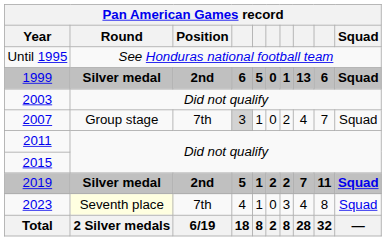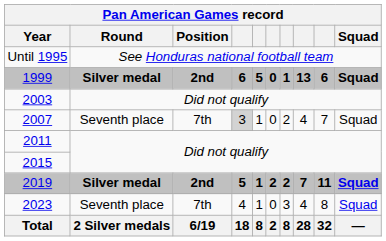 <table class="wikitable" style="text-align: center;">
 <tr>
 <th colspan=10><a href='#'>Pan American Games</a> record</th>
 </tr>
 <tr>
 <th>Year</th>
 <th>Round</th>
 <th>Position</th>
 <th></th>
 <th></th>
 <th></th>
 <th></th>
 <th></th>
 <th></th>
 <th>Squad</th>
 </tr>
 <tr>
 <td>Until <a href='#'>1995</a></td>
 <td colspan=9><em>See <a href='#'>Honduras national football team</a></em></td>
 </tr>
 <tr style="background:Silver">
 <td> <a href='#'>1999</a></td>
 <td><strong>Silver medal</strong></td>
 <td><strong>2nd</strong></td>
 <td><strong>6</strong></td>
 <td><strong>5</strong></td>
 <td><strong>0</strong></td>
 <td><strong>1</strong></td>
 <td><strong>13</strong></td>
 <td><strong>6</strong></td>
 <td><strong>Squad</strong></td>
 </tr>
 <tr>
 <td> <a href='#'>2003</a></td>
 <td colspan=9><em>Did not qualify</em></td>
 </tr>
 <tr>
 <td> <a href='#'>2007</a></td>
-<td>Group stage</td>
+<td>Seventh place</td>
 <td>7th</td>
 <td style="background: lightgrey;">3</td>
 <td>1</td>
 <td>0</td>
 <td>2</td>
 <td>4</td>
 <td>7</td>
 <td>Squad</td>
 </tr>
 <tr>
 <td> <a href='#'>2011</a></td>
 <td colspan=9 rowspan=2><em>Did not qualify</em></td>
 </tr>
 <tr>
 <td> <a href='#'>2015</a></td>
 </tr>
 <tr style="background:Silver">
 <td> <a href='#'>2019</a></td>
 <td><strong>Silver medal</strong></td>
 <td><strong>2nd</strong></td>
 <td><strong>5</strong></td>
 <td><strong>1</strong></td>
 <td><strong>2</strong></td>
 <td><strong>2</strong></td>
 <td><strong>7</strong></td>
 <td><strong>11</strong></td>
 <td><strong><a href='#'>Squad</a></strong></td>
 </tr>
 <tr>
 <td> <a href='#'>2023</a></td>
-<td style="background: lightyellow;">Seventh place</td>
+<td>Seventh place</td>
 <td>7th</td>
 <td>4</td>
 <td>1</td>
 <td>0</td>
 <td>3</td>
 <td>4</td>
 <td>8</td>
 <td><a href='#'>Squad</a></td>
 </tr>
 <tr>
 <th>Total</th>
 <th>2 Silver medals</th>
 <th>6/19</th>
 <th>18</th>
 <th>8</th>
 <th>2</th>
 <th>8</th>
 <th>28</th>
 <th>32</th>
 <th>—</th>
 </tr>
 </table>
